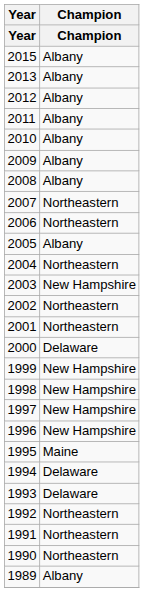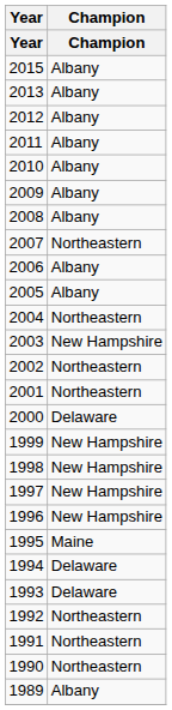 <table class="wikitable sortable">
 <tr>
 <th>Year</th>
 <th>Champion</th>
 </tr>
 <tr>
 <th>Year</th>
 <th>Champion</th>
 </tr>
 <tr>
 <td>2015</td>
 <td>Albany</td>
 </tr>
 <tr>
 <td>2013</td>
 <td>Albany</td>
 </tr>
 <tr>
 <td>2012</td>
 <td>Albany</td>
 </tr>
 <tr>
 <td>2011</td>
 <td>Albany</td>
 </tr>
 <tr>
 <td>2010</td>
 <td>Albany</td>
 </tr>
 <tr>
 <td>2009</td>
 <td>Albany</td>
 </tr>
 <tr>
 <td>2008</td>
 <td>Albany</td>
 </tr>
 <tr>
 <td>2007</td>
 <td>Northeastern</td>
 </tr>
 <tr>
 <td>2006</td>
-<td>Northeastern</td>
+<td>Albany</td>
 </tr>
 <tr>
 <td>2005</td>
 <td>Albany</td>
 </tr>
 <tr>
 <td>2004</td>
 <td>Northeastern</td>
 </tr>
 <tr>
 <td>2003</td>
 <td>New Hampshire</td>
 </tr>
 <tr>
 <td>2002</td>
 <td>Northeastern</td>
 </tr>
 <tr>
 <td>2001</td>
 <td>Northeastern</td>
 </tr>
 <tr>
 <td>2000</td>
 <td>Delaware</td>
 </tr>
 <tr>
 <td>1999</td>
 <td>New Hampshire</td>
 </tr>
 <tr>
 <td>1998</td>
 <td>New Hampshire</td>
 </tr>
 <tr>
 <td>1997</td>
 <td>New Hampshire</td>
 </tr>
 <tr>
 <td>1996</td>
 <td>New Hampshire</td>
 </tr>
 <tr>
 <td>1995</td>
 <td>Maine</td>
 </tr>
 <tr>
 <td>1994</td>
 <td>Delaware</td>
 </tr>
 <tr>
 <td>1993</td>
 <td>Delaware</td>
 </tr>
 <tr>
 <td>1992</td>
 <td>Northeastern</td>
 </tr>
 <tr>
 <td>1991</td>
 <td>Northeastern</td>
 </tr>
 <tr>
 <td>1990</td>
 <td>Northeastern</td>
 </tr>
 <tr>
 <td>1989</td>
 <td>Albany</td>
 </tr>
 <tr>
 </tr>
 </table>
